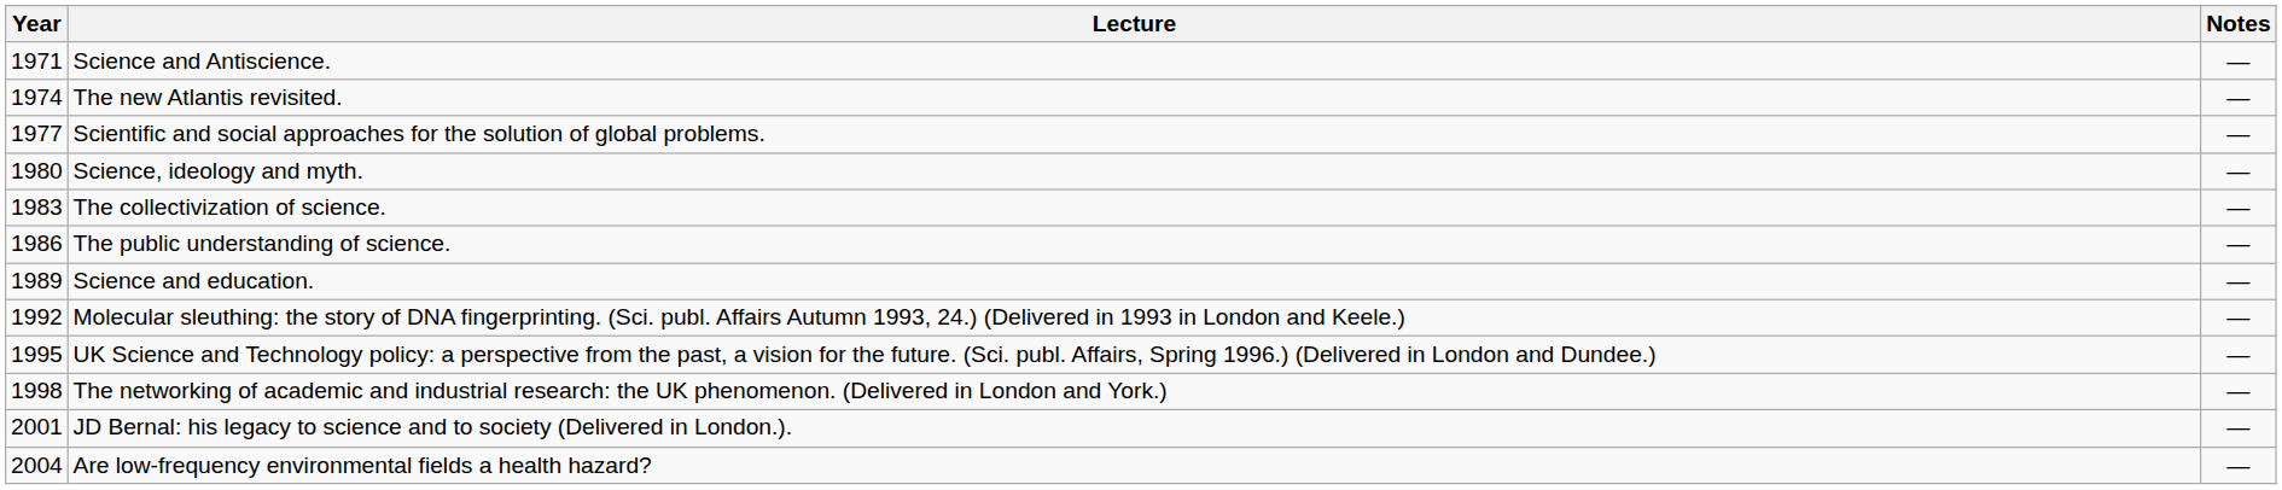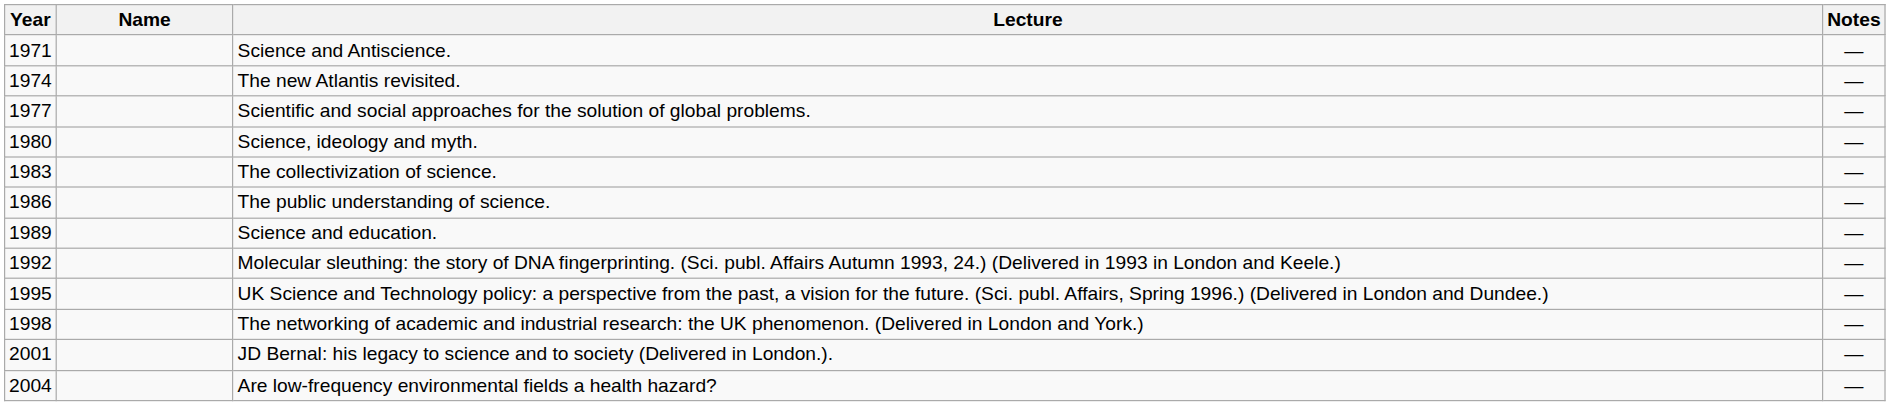 <table class="wikitable sortable" border="1" style="align:left;">
 <tr>
 <th width="4">Year</th>
+<th width="600">Name</th>
 <th width="7100">Lecture</th>
 <th width="1" class="unsortable">Notes</th>
 </tr>
 <tr>
 <td>1971</td>
+<td></td>
 <td>Science and Antiscience.</td>
 <td align=center>—</td>
 </tr>
 <tr>
 <td>1974</td>
+<td></td>
 <td>The new Atlantis revisited.</td>
 <td align=center>—</td>
 </tr>
 <tr>
 <td>1977</td>
+<td></td>
 <td>Scientific and social approaches for the solution of global problems.</td>
 <td align=center>—</td>
 </tr>
 <tr>
 <td>1980</td>
+<td></td>
 <td>Science, ideology and myth.</td>
 <td align=center>—</td>
 </tr>
 <tr>
 <td>1983</td>
+<td></td>
 <td>The collectivization of science.</td>
 <td align=center>—</td>
 </tr>
 <tr>
 <td>1986</td>
+<td></td>
 <td>The public understanding of science.</td>
 <td align=center>—</td>
 </tr>
 <tr>
 <td>1989</td>
+<td></td>
 <td>Science and education.</td>
 <td align=center>—</td>
 </tr>
 <tr>
 <td>1992</td>
+<td></td>
 <td>Molecular sleuthing: the story of DNA fingerprinting. (Sci. publ. Affairs Autumn 1993, 24.) (Delivered in 1993 in London and Keele.)</td>
 <td align=center>—</td>
 </tr>
 <tr>
 <td>1995</td>
+<td></td>
 <td>UK Science and Technology policy: a perspective from the past, a vision for the future. (Sci. publ. Affairs, Spring 1996.) (Delivered in London and Dundee.)</td>
 <td align=center>—</td>
 </tr>
 <tr>
 <td>1998</td>
+<td></td>
 <td>The networking of academic and industrial research: the UK phenomenon. (Delivered in London and York.)</td>
 <td align=center>—</td>
 </tr>
 <tr>
 <td>2001</td>
+<td></td>
 <td>JD Bernal: his legacy to science and to society (Delivered in London.).</td>
 <td align=center>—</td>
 </tr>
 <tr>
 <td>2004</td>
+<td></td>
 <td>Are low-frequency environmental fields a health hazard?</td>
 <td align=center>—</td>
 </tr>
 </table>
